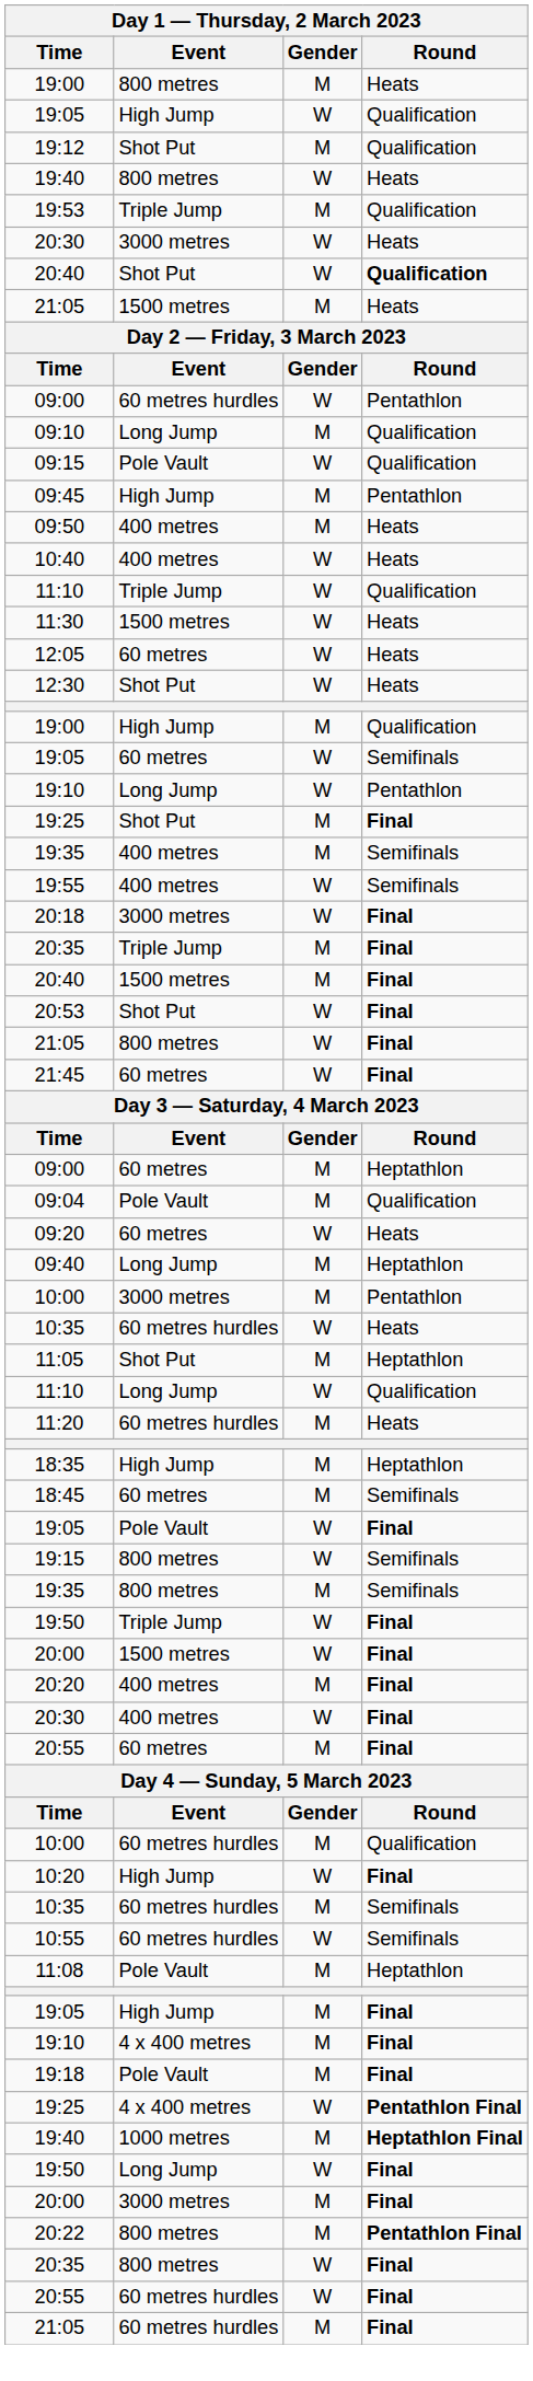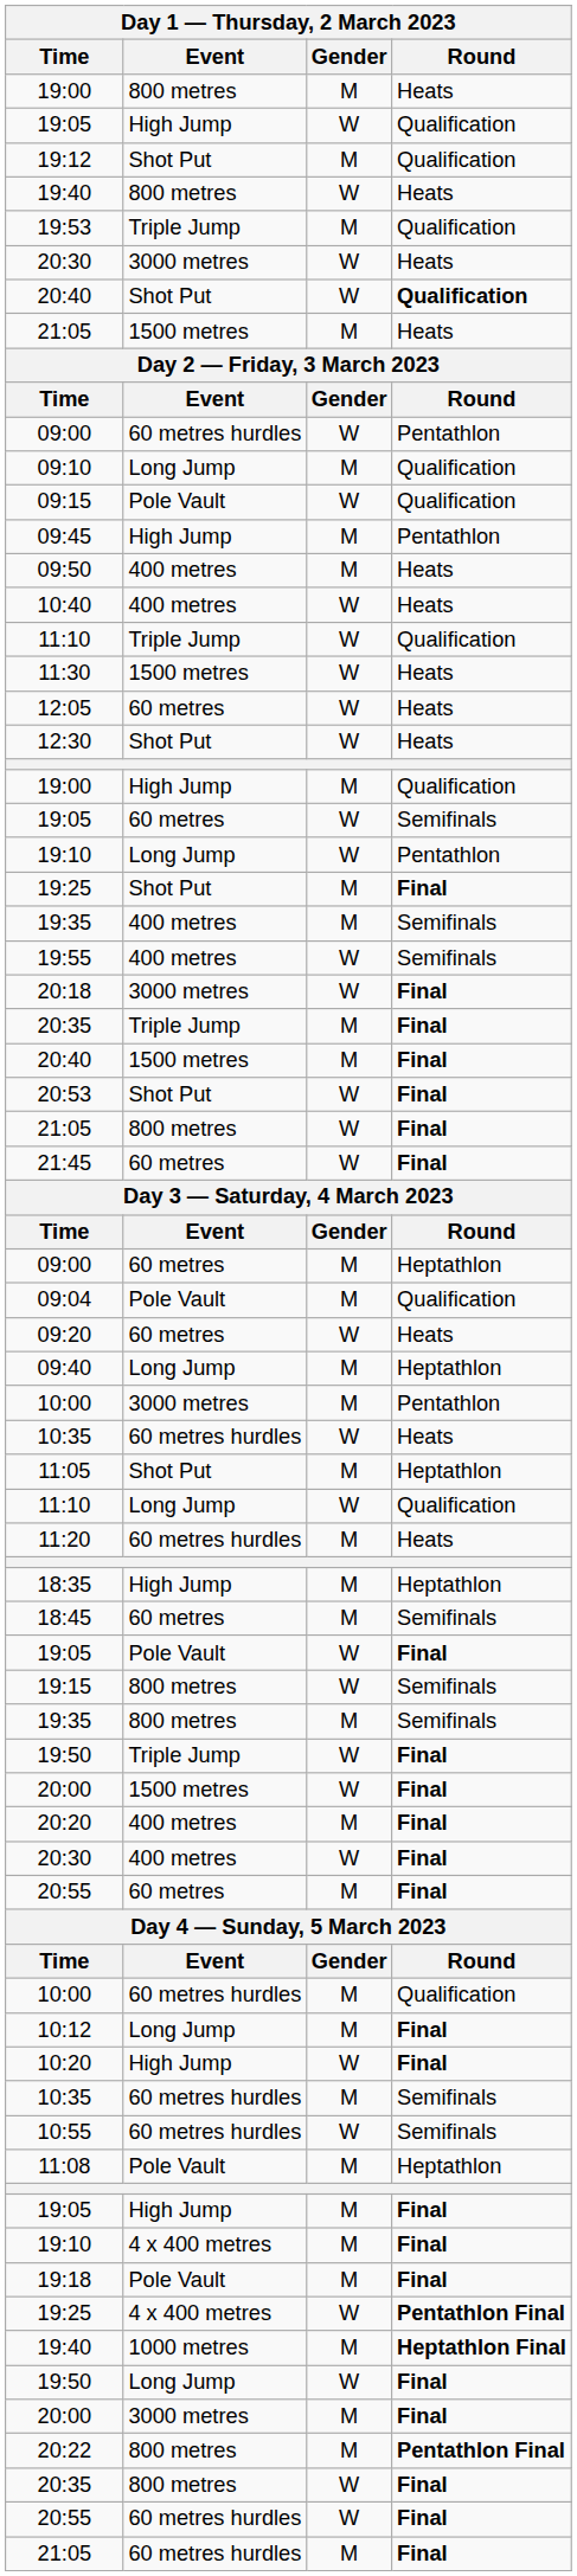 <table class="wikitable collapsible collapsed" style="border:0; position:relative; font-size:100%;">
 <tr>
 <th colspan=4>Day 1 — Thursday, 2 March 2023</th>
 </tr>
 <tr>
 <th style="width:5em"><strong>Time</strong></th>
 <th><strong>Event</strong></th>
 <th><strong>Gender</strong></th>
 <th><strong>Round</strong></th>
 </tr>
 <tr>
 <td align=center>19:00</td>
 <td>800 metres</td>
 <td align=center>M</td>
 <td>Heats</td>
 </tr>
 <tr>
 <td align=center>19:05</td>
 <td>High Jump</td>
 <td align=center>W</td>
 <td>Qualification</td>
 </tr>
 <tr>
 <td align=center>19:12</td>
 <td>Shot Put</td>
 <td align=center>M</td>
 <td>Qualification</td>
 </tr>
 <tr>
 <td align=center>19:40</td>
 <td>800 metres</td>
 <td align=center>W</td>
 <td>Heats</td>
 </tr>
 <tr>
 <td align=center>19:53</td>
 <td>Triple Jump</td>
 <td align=center>M</td>
 <td>Qualification</td>
 </tr>
 <tr>
 <td align=center>20:30</td>
 <td>3000 metres</td>
 <td align=center>W</td>
 <td>Heats</td>
 </tr>
 <tr>
 <td align=center>20:40</td>
 <td>Shot Put</td>
 <td align=center>W</td>
 <td><strong>Qualification</strong></td>
 </tr>
 <tr>
 <td align=center>21:05</td>
 <td>1500 metres</td>
 <td align=center>M</td>
 <td>Heats</td>
 </tr>
 <tr>
 <th colspan=4>Day 2 — Friday, 3 March 2023</th>
 </tr>
 <tr>
 <th><strong>Time</strong></th>
 <th><strong>Event</strong></th>
 <th><strong>Gender</strong></th>
 <th><strong>Round</strong></th>
 </tr>
 <tr>
 <td align=center>09:00</td>
 <td>60 metres hurdles</td>
 <td align=center>W</td>
 <td>Pentathlon</td>
 </tr>
 <tr>
 <td align=center>09:10</td>
 <td>Long Jump</td>
 <td align=center>M</td>
 <td>Qualification</td>
 </tr>
 <tr>
 <td align=center>09:15</td>
 <td>Pole Vault</td>
 <td align=center>W</td>
 <td>Qualification</td>
 </tr>
 <tr>
 <td align=center>09:45</td>
 <td>High Jump</td>
 <td align=center>M</td>
 <td>Pentathlon</td>
 </tr>
 <tr>
 <td align=center>09:50</td>
 <td>400 metres</td>
 <td align=center>M</td>
 <td>Heats</td>
 </tr>
 <tr>
 <td align=center>10:40</td>
 <td>400 metres</td>
 <td align=center>W</td>
 <td>Heats</td>
 </tr>
 <tr>
 <td align=center>11:10</td>
 <td>Triple Jump</td>
 <td align=center>W</td>
 <td>Qualification</td>
 </tr>
 <tr>
 <td align=center>11:30</td>
 <td>1500 metres</td>
 <td align=center>W</td>
 <td>Heats</td>
 </tr>
 <tr>
 <td align=center>12:05</td>
 <td>60 metres</td>
 <td align=center>W</td>
 <td>Heats</td>
 </tr>
 <tr>
 <td align=center>12:30</td>
 <td>Shot Put</td>
 <td align=center>W</td>
 <td>Heats</td>
 </tr>
 <tr>
 <th colspan=4></th>
 </tr>
 <tr>
 <td align=center>19:00</td>
 <td>High Jump</td>
 <td align=center>M</td>
 <td>Qualification</td>
 </tr>
 <tr>
 <td align=center>19:05</td>
 <td>60 metres</td>
 <td align=center>W</td>
 <td>Semifinals</td>
 </tr>
 <tr>
 <td align=center>19:10</td>
 <td>Long Jump</td>
 <td align=center>W</td>
 <td>Pentathlon</td>
 </tr>
 <tr>
 <td align=center>19:25</td>
 <td>Shot Put</td>
 <td align=center>M</td>
 <td><strong>Final</strong></td>
 </tr>
 <tr>
 <td align=center>19:35</td>
 <td>400 metres</td>
 <td align=center>M</td>
 <td>Semifinals</td>
 </tr>
 <tr>
 <td align=center>19:55</td>
 <td>400 metres</td>
 <td align=center>W</td>
 <td>Semifinals</td>
 </tr>
 <tr>
 <td align=center>20:18</td>
 <td>3000 metres</td>
 <td align=center>W</td>
 <td><strong>Final</strong></td>
 </tr>
 <tr>
 <td align=center>20:35</td>
 <td>Triple Jump</td>
 <td align=center>M</td>
 <td><strong>Final</strong></td>
 </tr>
 <tr>
 <td align=center>20:40</td>
 <td>1500 metres</td>
 <td align=center>M</td>
 <td><strong>Final</strong></td>
 </tr>
 <tr>
 <td align=center>20:53</td>
 <td>Shot Put</td>
 <td align=center>W</td>
 <td><strong>Final</strong></td>
 </tr>
 <tr>
 <td align=center>21:05</td>
 <td>800 metres</td>
 <td align=center>W</td>
 <td><strong>Final</strong></td>
 </tr>
 <tr>
 <td align=center>21:45</td>
 <td>60 metres</td>
 <td align=center>W</td>
 <td><strong>Final</strong></td>
 </tr>
 <tr>
 <th colspan=4>Day 3 — Saturday, 4 March 2023</th>
 </tr>
 <tr>
 <th><strong>Time</strong></th>
 <th><strong>Event</strong></th>
 <th><strong>Gender</strong></th>
 <th><strong>Round</strong></th>
 </tr>
 <tr>
 <td align=center>09:00</td>
 <td>60 metres</td>
 <td align=center>M</td>
 <td>Heptathlon</td>
 </tr>
 <tr>
 <td align=center>09:04</td>
 <td>Pole Vault</td>
 <td align=center>M</td>
 <td>Qualification</td>
 </tr>
 <tr>
 <td align=center>09:20</td>
 <td>60 metres</td>
 <td align=center>W</td>
 <td>Heats</td>
 </tr>
 <tr>
 <td align=center>09:40</td>
 <td>Long Jump</td>
 <td align=center>M</td>
 <td>Heptathlon</td>
 </tr>
 <tr>
 <td align=center>10:00</td>
 <td>3000 metres</td>
 <td align=center>M</td>
 <td>Pentathlon</td>
 </tr>
 <tr>
 <td align=center>10:35</td>
 <td>60 metres hurdles</td>
 <td align=center>W</td>
 <td>Heats</td>
 </tr>
 <tr>
 <td align=center>11:05</td>
 <td>Shot Put</td>
 <td align=center>M</td>
 <td>Heptathlon</td>
 </tr>
 <tr>
 <td align=center>11:10</td>
 <td>Long Jump</td>
 <td align=center>W</td>
 <td>Qualification</td>
 </tr>
 <tr>
 <td align=center>11:20</td>
 <td>60 metres hurdles</td>
 <td align=center>M</td>
 <td>Heats</td>
 </tr>
 <tr>
 <th colspan=4></th>
 </tr>
 <tr>
 <td align=center>18:35</td>
 <td>High Jump</td>
 <td align=center>M</td>
 <td>Heptathlon</td>
 </tr>
 <tr>
 <td align=center>18:45</td>
 <td>60 metres</td>
 <td align=center>M</td>
 <td>Semifinals</td>
 </tr>
 <tr>
 <td align=center>19:05</td>
 <td>Pole Vault</td>
 <td align=center>W</td>
 <td><strong>Final</strong></td>
 </tr>
 <tr>
 <td align=center>19:15</td>
 <td>800 metres</td>
 <td align=center>W</td>
 <td>Semifinals</td>
 </tr>
 <tr>
 <td align=center>19:35</td>
 <td>800 metres</td>
 <td align=center>M</td>
 <td>Semifinals</td>
 </tr>
 <tr>
 <td align=center>19:50</td>
 <td>Triple Jump</td>
 <td align=center>W</td>
 <td><strong>Final</strong></td>
 </tr>
 <tr>
 <td align=center>20:00</td>
 <td>1500 metres</td>
 <td align=center>W</td>
 <td><strong>Final</strong></td>
 </tr>
 <tr>
 <td align=center>20:20</td>
 <td>400 metres</td>
 <td align=center>M</td>
 <td><strong>Final</strong></td>
 </tr>
 <tr>
 <td align=center>20:30</td>
 <td>400 metres</td>
 <td align=center>W</td>
 <td><strong>Final</strong></td>
 </tr>
 <tr>
 <td align=center>20:55</td>
 <td>60 metres</td>
 <td align=center>M</td>
 <td><strong>Final</strong></td>
 </tr>
 <tr>
 <th colspan=4>Day 4 — Sunday, 5 March 2023</th>
 </tr>
 <tr>
 <th><strong>Time</strong></th>
 <th><strong>Event</strong></th>
 <th><strong>Gender</strong></th>
 <th><strong>Round</strong></th>
 </tr>
 <tr>
 <td align=center>10:00</td>
 <td>60 metres hurdles</td>
 <td align=center>M</td>
 <td>Qualification</td>
 </tr>
 <tr>
+<td align=center>10:12</td>
+<td>Long Jump</td>
+<td align=center>M</td>
+<td><strong>Final</strong></td>
+</tr>
+<tr>
 <td align=center>10:20</td>
 <td>High Jump</td>
 <td align=center>W</td>
 <td><strong>Final</strong></td>
 </tr>
 <tr>
 <td align=center>10:35</td>
 <td>60 metres hurdles</td>
 <td align=center>M</td>
 <td>Semifinals</td>
 </tr>
 <tr>
 <td align=center>10:55</td>
 <td>60 metres hurdles</td>
 <td align=center>W</td>
 <td>Semifinals</td>
 </tr>
 <tr>
 <td align=center>11:08</td>
 <td>Pole Vault</td>
 <td align=center>M</td>
 <td>Heptathlon</td>
 </tr>
 <tr>
 <th colspan=4></th>
 </tr>
 <tr>
 <td align=center>19:05</td>
 <td>High Jump</td>
 <td align=center>M</td>
 <td><strong>Final</strong></td>
 </tr>
 <tr>
 <td align=center>19:10</td>
 <td>4 x 400 metres</td>
 <td align=center>M</td>
 <td><strong>Final</strong></td>
 </tr>
 <tr>
 <td align=center>19:18</td>
 <td>Pole Vault</td>
 <td align=center>M</td>
 <td><strong>Final</strong></td>
 </tr>
 <tr>
 <td align=center>19:25</td>
 <td>4 x 400 metres</td>
 <td align=center>W</td>
 <td><strong>Pentathlon Final</strong></td>
 </tr>
 <tr>
 <td align=center>19:40</td>
 <td>1000 metres</td>
 <td align=center>M</td>
 <td><strong>Heptathlon Final</strong></td>
 </tr>
 <tr>
 <td align=center>19:50</td>
 <td>Long Jump</td>
 <td align=center>W</td>
 <td><strong>Final</strong></td>
 </tr>
 <tr>
 <td align=center>20:00</td>
 <td>3000 metres</td>
 <td align=center>M</td>
 <td><strong>Final</strong></td>
 </tr>
 <tr>
 <td align=center>20:22</td>
 <td>800 metres</td>
 <td align=center>M</td>
 <td><strong>Pentathlon Final</strong></td>
 </tr>
 <tr>
 <td align=center>20:35</td>
 <td>800 metres</td>
 <td align=center>W</td>
 <td><strong>Final</strong></td>
 </tr>
 <tr>
 <td align=center>20:55</td>
 <td>60 metres hurdles</td>
 <td align=center>W</td>
 <td><strong>Final</strong></td>
 </tr>
 <tr>
 <td align=center>21:05</td>
 <td>60 metres hurdles</td>
 <td align=center>M</td>
 <td><strong>Final</strong></td>
 </tr>
 </table>
